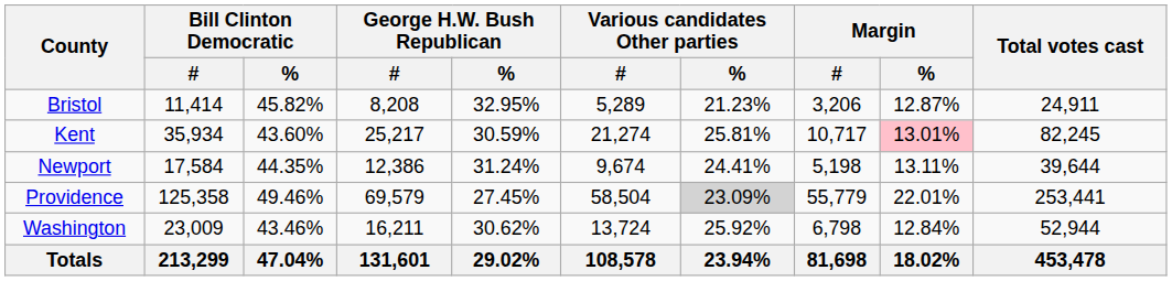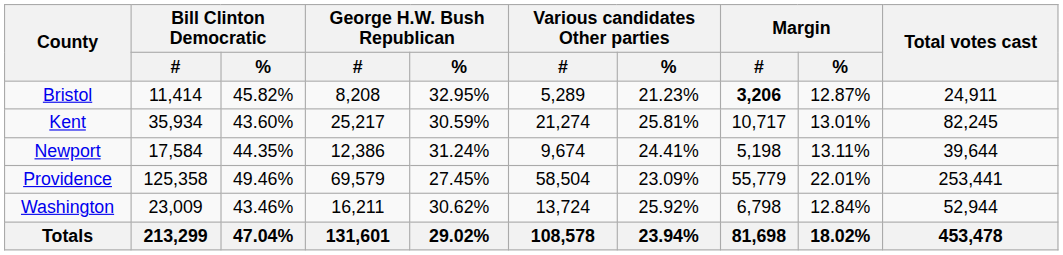 <table width="60%"  class="wikitable sortable" style="text-align:center">
 <tr>
 <th style="text-align:center;" rowspan="2">County</th>
 <th style="text-align:center;" colspan="2">Bill Clinton<br>Democratic</th>
 <th style="text-align:center;" colspan="2">George H.W. Bush<br>Republican</th>
 <th style="text-align:center;" colspan="2">Various candidates<br>Other parties</th>
 <th style="text-align:center;" colspan="2">Margin</th>
 <th style="text-align:center;" rowspan="2">Total votes cast</th>
 </tr>
 <tr>
 <th style="text-align:center;" data-sort-type="number">#</th>
 <th style="text-align:center;" data-sort-type="number">%</th>
 <th style="text-align:center;" data-sort-type="number">#</th>
 <th style="text-align:center;" data-sort-type="number">%</th>
 <th style="text-align:center;" data-sort-type="number">#</th>
 <th style="text-align:center;" data-sort-type="number">%</th>
 <th style="text-align:center;" data-sort-type="number">#</th>
 <th style="text-align:center;" data-sort-type="number">%</th>
 </tr>
 <tr style="text-align:center;">
 <td><a href='#'>Bristol</a></td>
 <td>11,414</td>
 <td>45.82%</td>
 <td>8,208</td>
 <td>32.95%</td>
 <td>5,289</td>
 <td>21.23%</td>
-<td>3,206</td>
+<td><strong>3,206</strong></td>
 <td>12.87%</td>
 <td>24,911</td>
 </tr>
 <tr style="text-align:center;">
 <td><a href='#'>Kent</a></td>
 <td>35,934</td>
 <td>43.60%</td>
 <td>25,217</td>
 <td>30.59%</td>
 <td>21,274</td>
 <td>25.81%</td>
 <td>10,717</td>
-<td style="background: pink;">13.01%</td>
+<td>13.01%</td>
 <td>82,245</td>
 </tr>
 <tr style="text-align:center;">
 <td><a href='#'>Newport</a></td>
 <td>17,584</td>
 <td>44.35%</td>
 <td>12,386</td>
 <td>31.24%</td>
 <td>9,674</td>
 <td>24.41%</td>
 <td>5,198</td>
 <td>13.11%</td>
 <td>39,644</td>
 </tr>
 <tr style="text-align:center;">
 <td><a href='#'>Providence</a></td>
 <td>125,358</td>
 <td>49.46%</td>
 <td>69,579</td>
 <td>27.45%</td>
 <td>58,504</td>
-<td style="background: lightgrey;">23.09%</td>
+<td>23.09%</td>
 <td>55,779</td>
 <td>22.01%</td>
 <td>253,441</td>
 </tr>
 <tr style="text-align:center;">
 <td><a href='#'>Washington</a></td>
 <td>23,009</td>
 <td>43.46%</td>
 <td>16,211</td>
 <td>30.62%</td>
 <td>13,724</td>
 <td>25.92%</td>
 <td>6,798</td>
 <td>12.84%</td>
 <td>52,944</td>
 </tr>
 <tr>
 <th>Totals</th>
 <th>213,299</th>
 <th>47.04%</th>
 <th>131,601</th>
 <th>29.02%</th>
 <th>108,578</th>
 <th>23.94%</th>
 <th>81,698</th>
 <th>18.02%</th>
 <th>453,478</th>
 </tr>
 </table>
